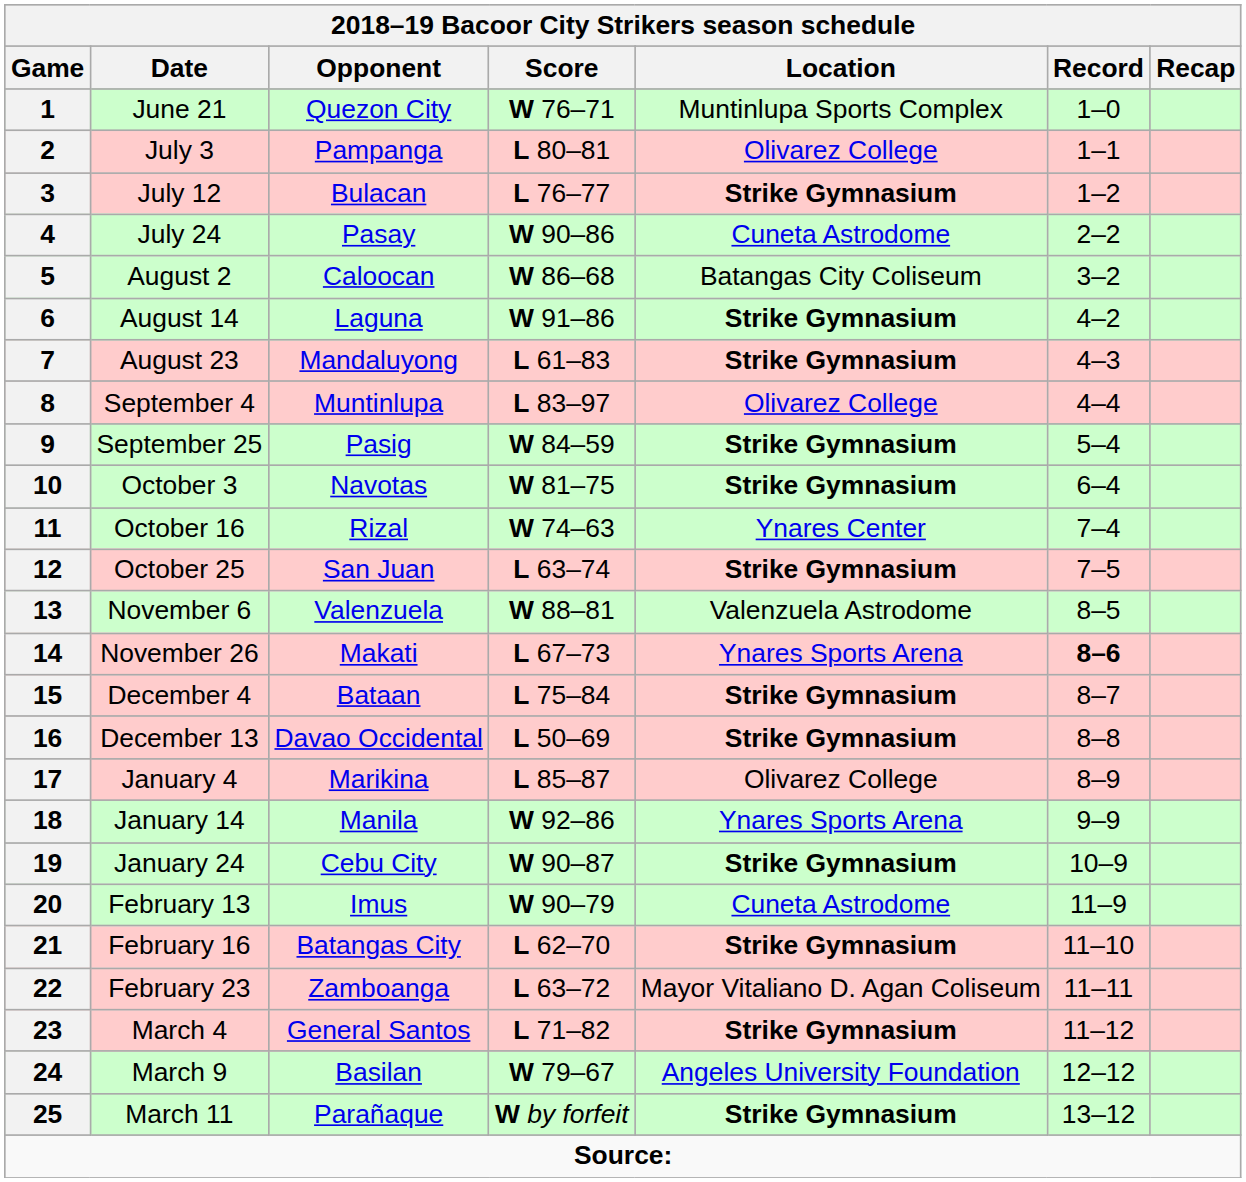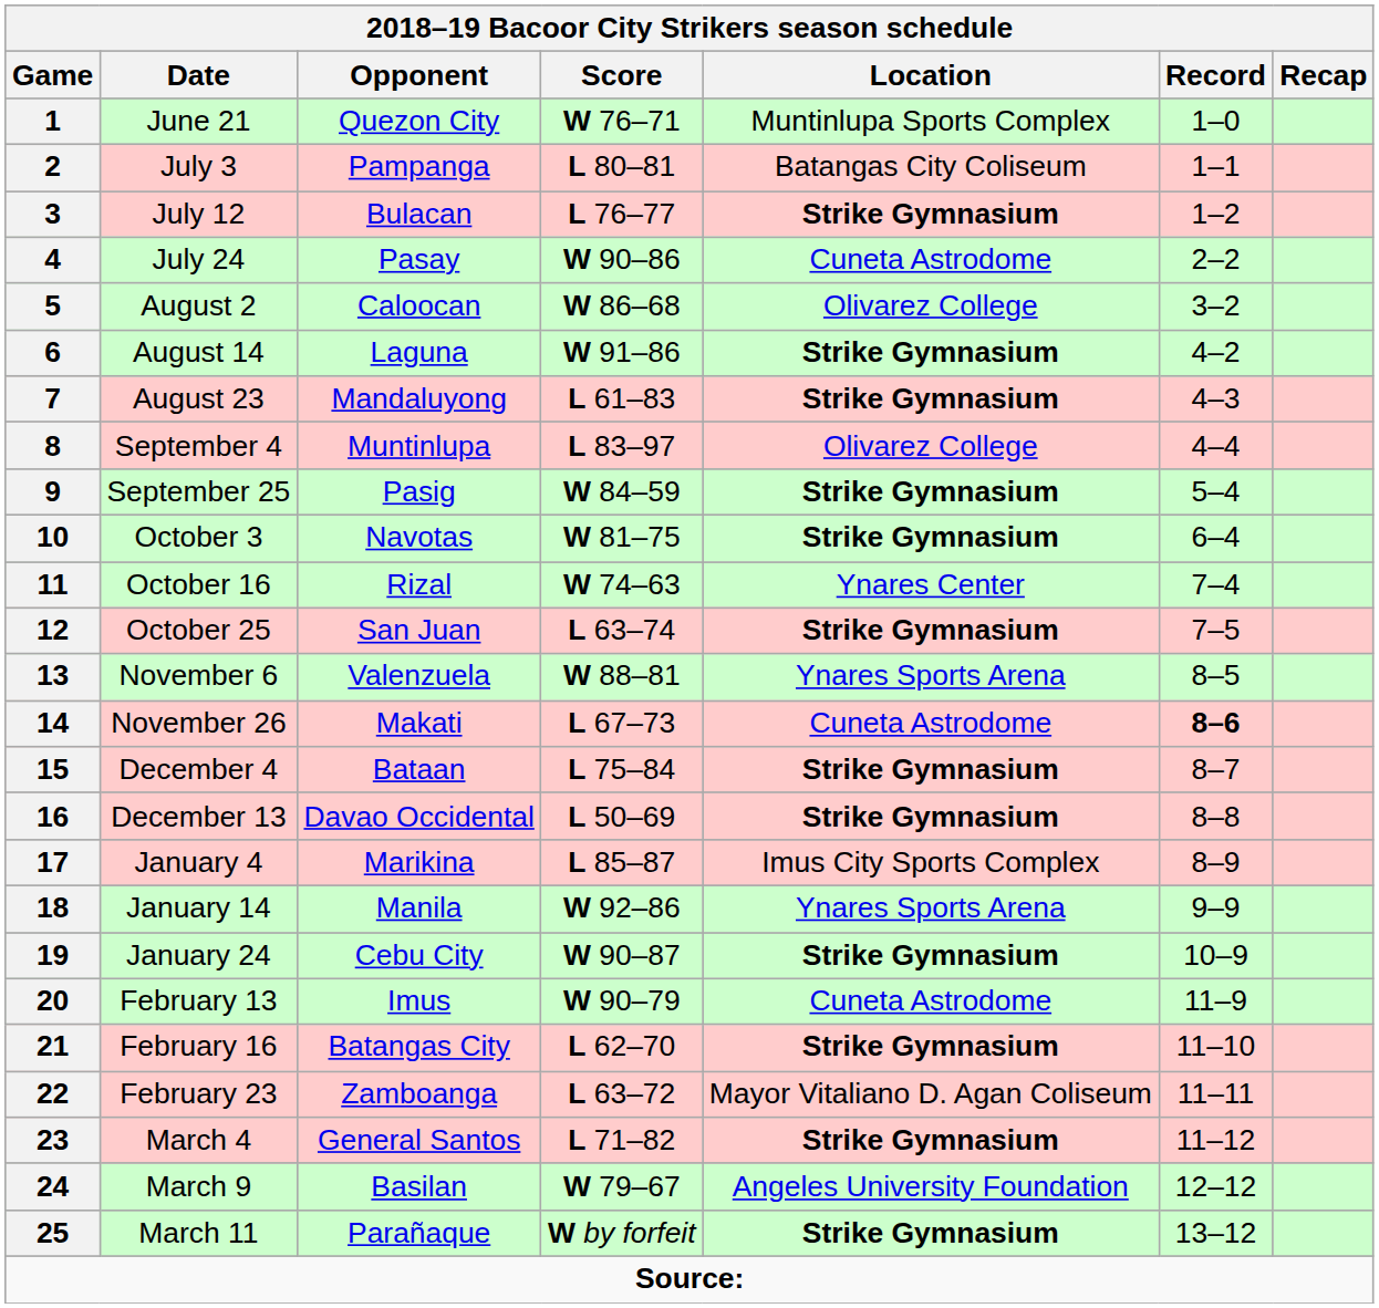 <table class="wikitable" style="text-align:center">
 <tr>
 <th colspan=7>2018–19 Bacoor City Strikers season schedule</th>
 </tr>
 <tr>
 <th>Game</th>
 <th>Date</th>
 <th>Opponent</th>
 <th>Score</th>
 <th>Location</th>
 <th>Record</th>
 <th>Recap<br></th>
 </tr>
 <tr style="background:#cfc">
 <th>1</th>
 <td>June 21</td>
 <td><a href='#'>Quezon City</a></td>
 <td><strong>W</strong> 76–71</td>
 <td>Muntinlupa Sports Complex</td>
 <td>1–0</td>
 <td></td>
 </tr>
 <tr style="background:#fcc">
 <th>2</th>
 <td>July 3</td>
 <td><a href='#'>Pampanga</a></td>
 <td><strong>L</strong> 80–81</td>
-<td><a href='#'>Olivarez College</a></td>
+<td>Batangas City Coliseum</td>
 <td>1–1</td>
 <td></td>
 </tr>
 <tr style="background:#fcc">
 <th>3</th>
 <td>July 12</td>
 <td><a href='#'>Bulacan</a></td>
 <td><strong>L</strong> 76–77</td>
 <td><strong>Strike Gymnasium</strong></td>
 <td>1–2</td>
 <td></td>
 </tr>
 <tr style="background:#cfc">
 <th>4</th>
 <td>July 24</td>
 <td><a href='#'>Pasay</a></td>
 <td><strong>W</strong> 90–86</td>
 <td><a href='#'>Cuneta Astrodome</a></td>
 <td>2–2</td>
 <td></td>
 </tr>
 <tr style="background:#cfc">
 <th>5</th>
 <td>August 2</td>
 <td><a href='#'>Caloocan</a></td>
 <td><strong>W</strong> 86–68</td>
-<td>Batangas City Coliseum</td>
+<td><a href='#'>Olivarez College</a></td>
 <td>3–2</td>
 <td></td>
 </tr>
 <tr style="background:#cfc">
 <th>6</th>
 <td>August 14</td>
 <td><a href='#'>Laguna</a></td>
 <td><strong>W</strong> 91–86</td>
 <td><strong>Strike Gymnasium</strong></td>
 <td>4–2</td>
 <td></td>
 </tr>
 <tr style="background:#fcc">
 <th>7</th>
 <td>August 23</td>
 <td><a href='#'>Mandaluyong</a></td>
 <td><strong>L</strong> 61–83</td>
 <td><strong>Strike Gymnasium</strong></td>
 <td>4–3</td>
 <td></td>
 </tr>
 <tr style="background:#fcc">
 <th>8</th>
 <td>September 4</td>
 <td><a href='#'>Muntinlupa</a></td>
 <td><strong>L</strong> 83–97</td>
 <td><a href='#'>Olivarez College</a></td>
 <td>4–4</td>
 <td></td>
 </tr>
 <tr style="background:#cfc">
 <th>9</th>
 <td>September 25</td>
 <td><a href='#'>Pasig</a></td>
 <td><strong>W</strong> 84–59</td>
 <td><strong>Strike Gymnasium</strong></td>
 <td>5–4</td>
 <td><br></td>
 </tr>
 <tr style="background:#cfc">
 <th>10</th>
 <td>October 3</td>
 <td><a href='#'>Navotas</a></td>
 <td><strong>W</strong> 81–75</td>
 <td><strong>Strike Gymnasium</strong></td>
 <td>6–4</td>
 <td></td>
 </tr>
 <tr style="background:#cfc">
 <th>11</th>
 <td>October 16</td>
 <td><a href='#'>Rizal</a></td>
 <td><strong>W</strong> 74–63</td>
 <td><a href='#'>Ynares Center</a></td>
 <td>7–4</td>
 <td></td>
 </tr>
 <tr style="background:#fcc">
 <th>12</th>
 <td>October 25</td>
 <td><a href='#'>San Juan</a></td>
 <td><strong>L</strong> 63–74</td>
 <td><strong>Strike Gymnasium</strong></td>
 <td>7–5</td>
 <td></td>
 </tr>
 <tr style="background:#cfc">
 <th>13</th>
 <td>November 6</td>
 <td><a href='#'>Valenzuela</a></td>
 <td><strong>W</strong> 88–81</td>
-<td>Valenzuela Astrodome</td>
+<td><a href='#'>Ynares Sports Arena</a></td>
 <td>8–5</td>
 <td></td>
 </tr>
 <tr style="background:#fcc">
 <th>14</th>
 <td>November 26</td>
 <td><a href='#'>Makati</a></td>
 <td><strong>L</strong> 67–73</td>
-<td><a href='#'>Ynares Sports Arena</a></td>
+<td><a href='#'>Cuneta Astrodome</a></td>
 <td><strong>8–6</strong></td>
 <td></td>
 </tr>
 <tr style="background:#fcc">
 <th>15</th>
 <td>December 4</td>
 <td><a href='#'>Bataan</a></td>
 <td><strong>L</strong> 75–84</td>
 <td><strong>Strike Gymnasium</strong></td>
 <td>8–7</td>
 <td></td>
 </tr>
 <tr style="background:#fcc">
 <th>16</th>
 <td>December 13</td>
 <td><a href='#'>Davao Occidental</a></td>
 <td><strong>L</strong> 50–69</td>
 <td><strong>Strike Gymnasium</strong></td>
 <td>8–8</td>
 <td><br></td>
 </tr>
 <tr style="background:#fcc">
 <th>17</th>
 <td>January 4</td>
 <td><a href='#'>Marikina</a></td>
 <td><strong>L</strong> 85–87</td>
-<td>Olivarez College</td>
+<td>Imus City Sports Complex</td>
 <td>8–9</td>
 <td></td>
 </tr>
 <tr style="background:#cfc">
 <th>18</th>
 <td>January 14</td>
 <td><a href='#'>Manila</a></td>
 <td><strong>W</strong> 92–86</td>
 <td><a href='#'>Ynares Sports Arena</a></td>
 <td>9–9</td>
 <td></td>
 </tr>
 <tr style="background:#cfc">
 <th>19</th>
 <td>January 24</td>
 <td><a href='#'>Cebu City</a></td>
 <td><strong>W</strong> 90–87</td>
 <td><strong>Strike Gymnasium</strong></td>
 <td>10–9</td>
 <td></td>
 </tr>
 <tr style="background:#cfc">
 <th>20</th>
 <td>February 13</td>
 <td><a href='#'>Imus</a></td>
 <td><strong>W</strong> 90–79</td>
 <td><a href='#'>Cuneta Astrodome</a></td>
 <td>11–9</td>
 <td></td>
 </tr>
 <tr style="background:#fcc">
 <th>21</th>
 <td>February 16</td>
 <td><a href='#'>Batangas City</a></td>
 <td><strong>L</strong> 62–70</td>
 <td><strong>Strike Gymnasium</strong></td>
 <td>11–10</td>
 <td></td>
 </tr>
 <tr style="background:#fcc">
 <th>22</th>
 <td>February 23</td>
 <td><a href='#'>Zamboanga</a></td>
 <td><strong>L</strong> 63–72</td>
 <td>Mayor Vitaliano D. Agan Coliseum</td>
 <td>11–11</td>
 <td></td>
 </tr>
 <tr style="background:#fcc">
 <th>23</th>
 <td>March 4</td>
 <td><a href='#'>General Santos</a></td>
 <td><strong>L</strong> 71–82</td>
 <td><strong>Strike Gymnasium</strong></td>
 <td>11–12</td>
 <td></td>
 </tr>
 <tr style="background:#cfc">
 <th>24</th>
 <td>March 9</td>
 <td><a href='#'>Basilan</a></td>
 <td><strong>W</strong> 79–67</td>
 <td><a href='#'>Angeles University Foundation</a></td>
 <td>12–12</td>
 <td></td>
 </tr>
 <tr style="background:#cfc">
 <th>25</th>
 <td>March 11</td>
 <td><a href='#'>Parañaque</a></td>
 <td><strong>W</strong> <em>by forfeit</em></td>
 <td><strong>Strike Gymnasium</strong></td>
 <td>13–12</td>
 <td></td>
 </tr>
 <tr>
 <td colspan=7 align=center><strong>Source: </strong></td>
 </tr>
 </table>
